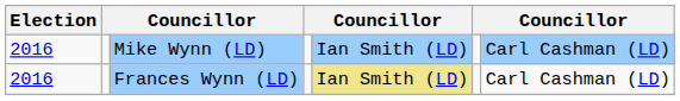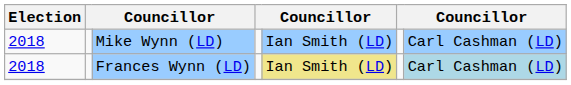 <table class="wikitable">
 <tr>
 <th>Election</th>
 <th colspan="2">Councillor</th>
 <th colspan="2">Councillor</th>
 <th colspan="2">Councillor</th>
 </tr>
 <tr>
-<td><a href='#'>2016</a></td>
+<td><a href='#'>2018</a></td>
 <td style="background-color: "></td>
 <td bgcolor="#99CCFF">Mike Wynn (<a href='#'>LD</a>)</td>
 <td style="background-color:"></td>
 <td bgcolor="#99CCFF">Ian Smith (<a href='#'>LD</a>)</td>
 <td style="background-color:"></td>
 <td bgcolor="#99CCFF">Carl Cashman (<a href='#'>LD</a>)</td>
 </tr>
 <tr>
-<td><a href='#'>2016</a></td>
+<td><a href='#'>2018</a></td>
 <td style="background-color: "></td>
 <td bgcolor="#99CCFF">Frances Wynn (<a href='#'>LD</a>)</td>
 <td style="background-color:"></td>
 <td style="background: khaki;">Ian Smith (<a href='#'>LD</a>)</td>
 <td style="background-color:"></td>
-<td>Carl Cashman (<a href='#'>LD</a>)</td>
+<td style="background: lightblue;">Carl Cashman (<a href='#'>LD</a>)</td>
 </tr>
 <tr>
 </tr>
 </table>
